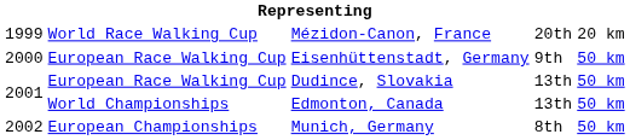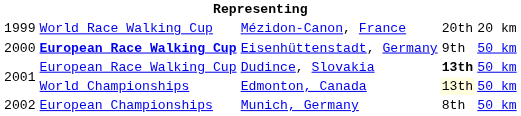 <table>
 <tr>
 <th colspan="5">Representing </th>
 </tr>
 <tr>
 <td>1999</td>
 <td><a href='#'>World Race Walking Cup</a></td>
 <td><a href='#'>Mézidon-Canon</a>, <a href='#'>France</a></td>
 <td>20th</td>
 <td>20 km</td>
 </tr>
 <tr>
 <td>2000</td>
-<td><a href='#'>European Race Walking Cup</a></td>
+<td><strong><a href='#'>European Race Walking Cup</a></strong></td>
 <td><a href='#'>Eisenhüttenstadt</a>, <a href='#'>Germany</a></td>
 <td>9th</td>
 <td><a href='#'>50 km</a></td>
 </tr>
 <tr>
 <td rowspan=2>2001</td>
 <td><a href='#'>European Race Walking Cup</a></td>
 <td><a href='#'>Dudince</a>, <a href='#'>Slovakia</a></td>
-<td>13th</td>
+<td><strong>13th</strong></td>
 <td><a href='#'>50 km</a></td>
 </tr>
 <tr>
 <td><a href='#'>World Championships</a></td>
 <td><a href='#'>Edmonton, Canada</a></td>
-<td>13th</td>
+<td style="background: lightyellow;">13th</td>
 <td><a href='#'>50 km</a></td>
 </tr>
 <tr>
 <td>2002</td>
 <td><a href='#'>European Championships</a></td>
 <td><a href='#'>Munich, Germany</a></td>
 <td>8th</td>
 <td><a href='#'>50 km</a></td>
 </tr>
 </table>
